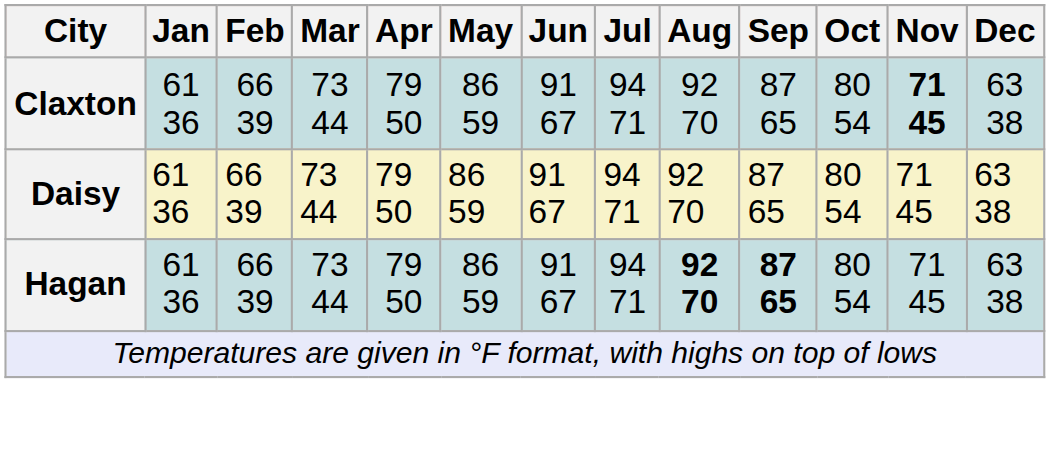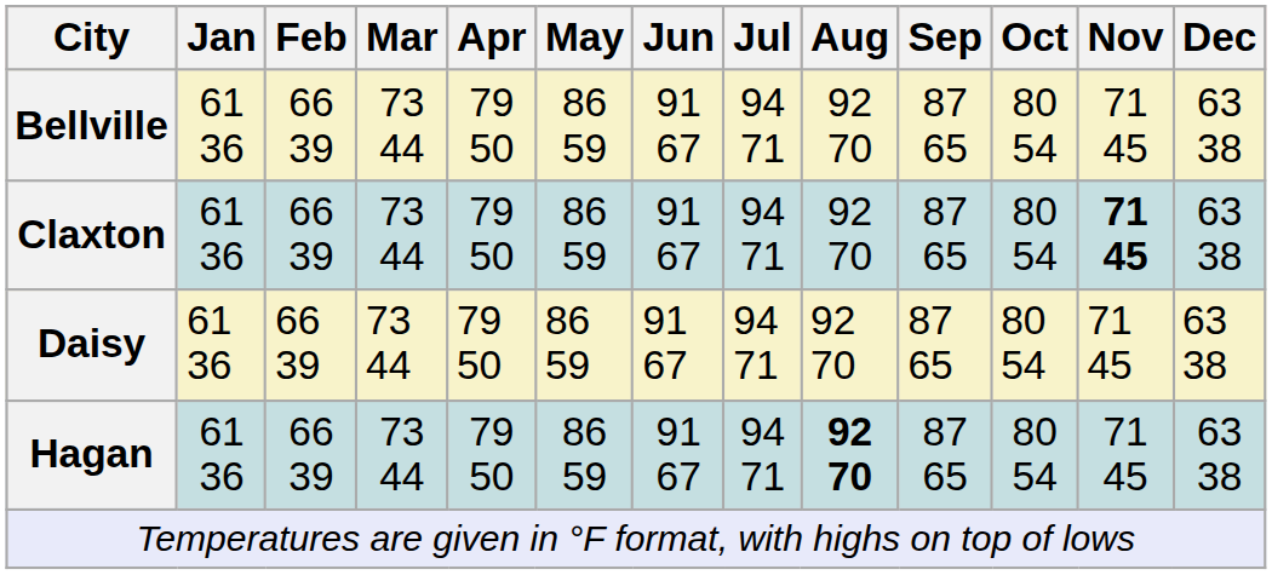 <table class="wikitable" style="margin: 1em auto 1em auto;">
 <tr style="background: #E5AFAA;text-align:center;">
 <th>City</th>
 <th>Jan</th>
 <th>Feb</th>
 <th>Mar</th>
 <th>Apr</th>
 <th>May</th>
 <th>Jun</th>
 <th>Jul</th>
 <th>Aug</th>
 <th>Sep</th>
 <th>Oct</th>
 <th>Nov</th>
 <th>Dec</th>
+</tr>
+<tr style="background: #F8F3CA;text-align:center;">
+<th>Bellville</th>
+<td>61<br>36</td>
+<td>66<br>39</td>
+<td>73<br>44</td>
+<td>79<br>50</td>
+<td>86<br>59</td>
+<td>91<br>67</td>
+<td>94<br>71</td>
+<td>92<br>70</td>
+<td>87<br>65</td>
+<td>80<br>54</td>
+<td>71<br>45</td>
+<td>63<br>38</td>
 </tr>
 <tr style="background: #C5DFE1;text-align:center;">
 <th>Claxton</th>
 <td>61<br>36</td>
 <td>66<br>39</td>
 <td>73<br>44</td>
 <td>79<br>50</td>
 <td>86<br>59</td>
 <td>91<br>67</td>
 <td>94<br>71</td>
 <td>92<br>70</td>
 <td>87<br>65</td>
 <td>80<br>54</td>
 <td><strong>71<br>45</strong></td>
 <td>63<br>38</td>
 </tr>
 <tr style="background: #F8F3CA;text-slide:center;">
 <th>Daisy</th>
 <td>61<br>36</td>
 <td>66<br>39</td>
 <td>73<br>44</td>
 <td>79<br>50</td>
 <td>86<br>59</td>
 <td>91<br>67</td>
 <td>94<br>71</td>
 <td>92<br>70</td>
 <td>87<br>65</td>
 <td>80<br>54</td>
 <td>71<br>45</td>
 <td>63<br>38</td>
 </tr>
 <tr style="background: #C5DFE1;text-align:center;">
 <th>Hagan</th>
 <td>61<br>36</td>
 <td>66<br>39</td>
 <td>73<br>44</td>
 <td>79<br>50</td>
 <td>86<br>59</td>
 <td>91<br>67</td>
 <td>94<br>71</td>
 <td><strong>92<br>70</strong></td>
-<td><strong>87<br>65</strong></td>
+<td>87<br>65</td>
 <td>80<br>54</td>
 <td>71<br>45</td>
 <td>63<br>38</td>
 </tr>
 <tr>
 <td colspan="13" style="text-align:center;font-size:90%;background:#E8EAFA;"><em>Temperatures are given in °F format, with highs on top of lows</em></td>
 </tr>
 </table>
